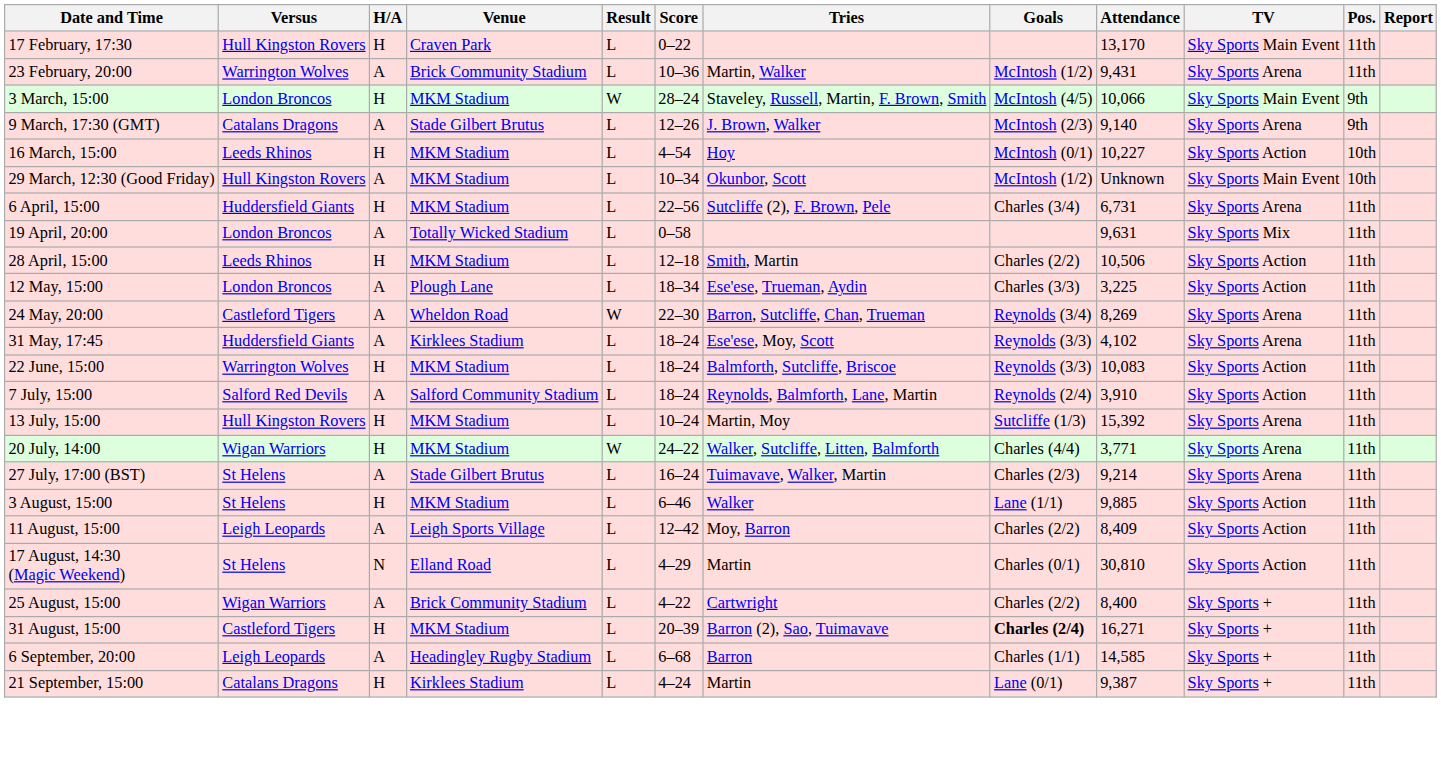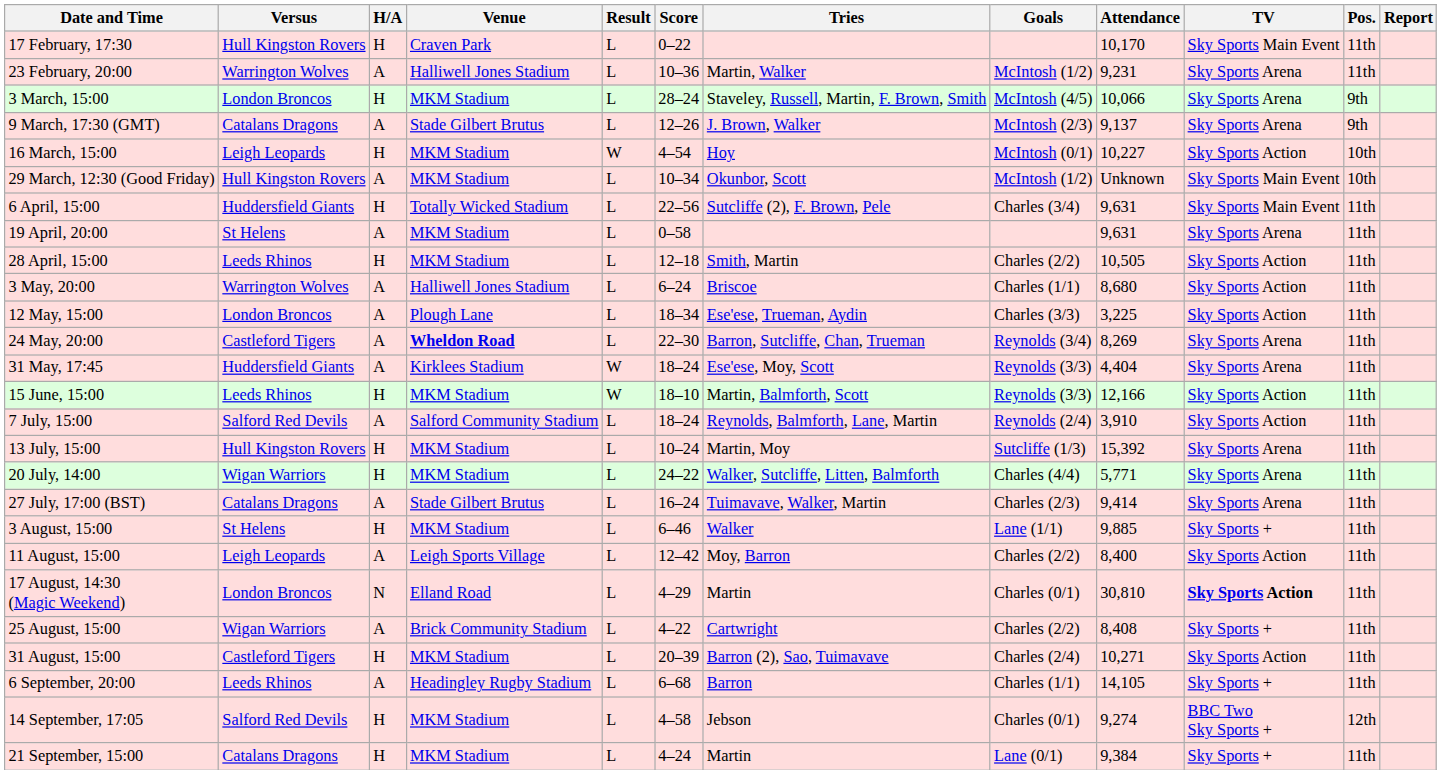 <table class="wikitable" style="font-size:85%;">
 <tr>
 <th>Date and Time</th>
 <th>Versus</th>
 <th>H/A</th>
 <th>Venue</th>
 <th>Result</th>
 <th>Score</th>
 <th>Tries</th>
 <th>Goals</th>
 <th>Attendance</th>
 <th>TV</th>
 <th>Pos.</th>
 <th>Report</th>
 </tr>
 <tr style="background:#ffdddd">
 <td>17 February, 17:30</td>
 <td> <a href='#'>Hull Kingston Rovers</a></td>
 <td>H</td>
 <td><a href='#'>Craven Park</a></td>
 <td>L</td>
 <td>0–22</td>
 <td></td>
 <td></td>
-<td>13,170</td>
+<td>10,170</td>
 <td><a href='#'>Sky Sports</a> Main Event</td>
 <td>11th</td>
 <td></td>
 </tr>
 <tr style="background:#ffdddd">
 <td>23 February, 20:00</td>
 <td> <a href='#'>Warrington Wolves</a></td>
 <td>A</td>
-<td><a href='#'>Brick Community Stadium</a></td>
+<td><a href='#'>Halliwell Jones Stadium</a></td>
 <td>L</td>
 <td>10–36</td>
 <td>Martin, <a href='#'>Walker</a></td>
 <td><a href='#'>McIntosh</a> (1/2)</td>
-<td>9,431</td>
+<td>9,231</td>
 <td><a href='#'>Sky Sports</a> Arena</td>
 <td>11th</td>
 <td></td>
 </tr>
 <tr style="background:#ddffdd">
 <td>3 March, 15:00</td>
 <td> <a href='#'>London Broncos</a></td>
 <td>H</td>
 <td><a href='#'>MKM Stadium</a></td>
-<td>W</td>
+<td>L</td>
 <td>28–24</td>
 <td>Staveley, <a href='#'>Russell</a>, Martin, <a href='#'>F. Brown</a>, <a href='#'>Smith</a></td>
 <td><a href='#'>McIntosh</a> (4/5)</td>
 <td>10,066</td>
-<td><a href='#'>Sky Sports</a> Main Event</td>
+<td><a href='#'>Sky Sports</a> Arena</td>
 <td>9th</td>
 <td></td>
 </tr>
 <tr style="background:#ffdddd">
 <td>9 March, 17:30 (GMT)</td>
 <td> <a href='#'>Catalans Dragons</a></td>
 <td>A</td>
 <td><a href='#'>Stade Gilbert Brutus</a></td>
 <td>L</td>
 <td>12–26</td>
 <td><a href='#'>J. Brown</a>, <a href='#'>Walker</a></td>
 <td><a href='#'>McIntosh</a> (2/3)</td>
-<td>9,140</td>
+<td>9,137</td>
 <td><a href='#'>Sky Sports</a> Arena</td>
 <td>9th</td>
 <td></td>
 </tr>
 <tr style="background:#ffdddd">
 <td>16 March, 15:00</td>
-<td> <a href='#'>Leeds Rhinos</a></td>
+<td> <a href='#'>Leigh Leopards</a></td>
 <td>H</td>
 <td><a href='#'>MKM Stadium</a></td>
-<td>L</td>
+<td>W</td>
 <td>4–54</td>
 <td><a href='#'>Hoy</a></td>
 <td><a href='#'>McIntosh</a> (0/1)</td>
 <td>10,227</td>
 <td><a href='#'>Sky Sports</a> Action</td>
 <td>10th</td>
 <td></td>
 </tr>
 <tr style="background:#ffdddd">
 <td>29 March, 12:30 (Good Friday)</td>
 <td> <a href='#'>Hull Kingston Rovers</a></td>
 <td>A</td>
 <td><a href='#'>MKM Stadium</a></td>
 <td>L</td>
 <td>10–34</td>
 <td><a href='#'>Okunbor</a>, <a href='#'>Scott</a></td>
 <td><a href='#'>McIntosh</a> (1/2)</td>
 <td>Unknown</td>
 <td><a href='#'>Sky Sports</a> Main Event</td>
 <td>10th</td>
 <td></td>
 </tr>
 <tr style="background:#ffdddd">
 <td>6 April, 15:00</td>
 <td> <a href='#'>Huddersfield Giants</a></td>
 <td>H</td>
-<td><a href='#'>MKM Stadium</a></td>
+<td><a href='#'>Totally Wicked Stadium</a></td>
 <td>L</td>
 <td>22–56</td>
 <td><a href='#'>Sutcliffe</a> (2), <a href='#'>F. Brown</a>, <a href='#'>Pele</a></td>
 <td>Charles (3/4)</td>
-<td>6,731</td>
-<td><a href='#'>Sky Sports</a> Arena</td>
+<td>9,631</td>
+<td><a href='#'>Sky Sports</a> Main Event</td>
 <td>11th</td>
 <td></td>
 </tr>
 <tr style="background:#ffdddd">
 <td>19 April, 20:00</td>
-<td> <a href='#'>London Broncos</a></td>
+<td> <a href='#'>St Helens</a></td>
 <td>A</td>
-<td><a href='#'>Totally Wicked Stadium</a></td>
+<td><a href='#'>MKM Stadium</a></td>
 <td>L</td>
 <td>0–58</td>
 <td></td>
 <td></td>
 <td>9,631</td>
-<td><a href='#'>Sky Sports</a> Mix</td>
+<td><a href='#'>Sky Sports</a> Arena</td>
 <td>11th</td>
 <td></td>
 </tr>
 <tr style="background:#ffdddd">
 <td>28 April, 15:00</td>
 <td> <a href='#'>Leeds Rhinos</a></td>
 <td>H</td>
 <td><a href='#'>MKM Stadium</a></td>
 <td>L</td>
 <td>12–18</td>
 <td><a href='#'>Smith</a>, Martin</td>
 <td>Charles (2/2)</td>
-<td>10,506</td>
+<td>10,505</td>
+<td><a href='#'>Sky Sports</a> Action</td>
+<td>11th</td>
+<td></td>
+</tr>
+<tr style="background:#ffdddd">
+<td>3 May, 20:00</td>
+<td> <a href='#'>Warrington Wolves</a></td>
+<td>A</td>
+<td><a href='#'>Halliwell Jones Stadium</a></td>
+<td>L</td>
+<td>6–24</td>
+<td><a href='#'>Briscoe</a></td>
+<td>Charles (1/1)</td>
+<td>8,680</td>
 <td><a href='#'>Sky Sports</a> Action</td>
 <td>11th</td>
 <td></td>
 </tr>
 <tr style="background:#ffdddd">
 <td>12 May, 15:00</td>
 <td> <a href='#'>London Broncos</a></td>
 <td>A</td>
 <td><a href='#'>Plough Lane</a></td>
 <td>L</td>
 <td>18–34</td>
 <td><a href='#'>Ese'ese</a>, <a href='#'>Trueman</a>, <a href='#'>Aydin</a></td>
 <td>Charles (3/3)</td>
 <td>3,225</td>
 <td><a href='#'>Sky Sports</a> Action</td>
 <td>11th</td>
 <td></td>
 </tr>
 <tr style="background:#ffdddd">
 <td>24 May, 20:00</td>
 <td> <a href='#'>Castleford Tigers</a></td>
 <td>A</td>
-<td><a href='#'>Wheldon Road</a></td>
-<td>W</td>
+<td><strong><a href='#'>Wheldon Road</a></strong></td>
+<td>L</td>
 <td>22–30</td>
 <td><a href='#'>Barron</a>, <a href='#'>Sutcliffe</a>, <a href='#'>Chan</a>, <a href='#'>Trueman</a></td>
 <td><a href='#'>Reynolds</a> (3/4)</td>
 <td>8,269</td>
 <td><a href='#'>Sky Sports</a> Arena</td>
 <td>11th</td>
 <td></td>
 </tr>
 <tr style="background:#ffdddd">
 <td>31 May, 17:45</td>
 <td> <a href='#'>Huddersfield Giants</a></td>
 <td>A</td>
 <td><a href='#'>Kirklees Stadium</a></td>
-<td>L</td>
+<td>W</td>
 <td>18–24</td>
 <td><a href='#'>Ese'ese</a>, Moy, <a href='#'>Scott</a></td>
 <td><a href='#'>Reynolds</a> (3/3)</td>
-<td>4,102</td>
+<td>4,404</td>
 <td><a href='#'>Sky Sports</a> Arena</td>
 <td>11th</td>
 <td></td>
 </tr>
-<tr style="background:#ffdddd">
-<td>22 June, 15:00</td>
-<td> <a href='#'>Warrington Wolves</a></td>
+<tr style="background:#ddffdd">
+<td>15 June, 15:00</td>
+<td> <a href='#'>Leeds Rhinos</a></td>
 <td>H</td>
 <td><a href='#'>MKM Stadium</a></td>
-<td>L</td>
-<td>18–24</td>
-<td><a href='#'>Balmforth</a>, <a href='#'>Sutcliffe</a>, <a href='#'>Briscoe</a></td>
+<td>W</td>
+<td>18–10</td>
+<td>Martin, <a href='#'>Balmforth</a>, <a href='#'>Scott</a></td>
 <td><a href='#'>Reynolds</a> (3/3)</td>
-<td>10,083</td>
+<td>12,166</td>
 <td><a href='#'>Sky Sports</a> Action</td>
 <td>11th</td>
 <td></td>
 </tr>
 <tr style="background:#ffdddd">
 <td>7 July, 15:00</td>
 <td> <a href='#'>Salford Red Devils</a></td>
 <td>A</td>
 <td><a href='#'>Salford Community Stadium</a></td>
 <td>L</td>
 <td>18–24</td>
 <td><a href='#'>Reynolds</a>, <a href='#'>Balmforth</a>, <a href='#'>Lane</a>, Martin</td>
 <td><a href='#'>Reynolds</a> (2/4)</td>
 <td>3,910</td>
 <td><a href='#'>Sky Sports</a> Action</td>
 <td>11th</td>
 <td></td>
 </tr>
 <tr style="background:#ffdddd">
 <td>13 July, 15:00</td>
 <td> <a href='#'>Hull Kingston Rovers</a></td>
 <td>H</td>
 <td><a href='#'>MKM Stadium</a></td>
 <td>L</td>
 <td>10–24</td>
 <td>Martin, Moy</td>
 <td><a href='#'>Sutcliffe</a> (1/3)</td>
 <td>15,392</td>
 <td><a href='#'>Sky Sports</a> Arena</td>
 <td>11th</td>
 <td></td>
 </tr>
 <tr style="background:#ddffdd">
 <td>20 July, 14:00</td>
 <td> <a href='#'>Wigan Warriors</a></td>
 <td>H</td>
 <td><a href='#'>MKM Stadium</a></td>
-<td>W</td>
+<td>L</td>
 <td>24–22</td>
 <td><a href='#'>Walker</a>, <a href='#'>Sutcliffe</a>, <a href='#'>Litten</a>, <a href='#'>Balmforth</a></td>
 <td>Charles (4/4)</td>
-<td>3,771</td>
+<td>5,771</td>
 <td><a href='#'>Sky Sports</a> Arena</td>
 <td>11th</td>
 <td></td>
 </tr>
 <tr style="background:#ffdddd">
 <td>27 July, 17:00 (BST)</td>
-<td> <a href='#'>St Helens</a></td>
+<td> <a href='#'>Catalans Dragons</a></td>
 <td>A</td>
 <td><a href='#'>Stade Gilbert Brutus</a></td>
 <td>L</td>
 <td>16–24</td>
 <td><a href='#'>Tuimavave</a>, <a href='#'>Walker</a>, Martin</td>
 <td>Charles (2/3)</td>
-<td>9,214</td>
+<td>9,414</td>
 <td><a href='#'>Sky Sports</a> Arena</td>
 <td>11th</td>
 <td></td>
 </tr>
 <tr style="background:#ffdddd">
 <td>3 August, 15:00</td>
 <td> <a href='#'>St Helens</a></td>
 <td>H</td>
 <td><a href='#'>MKM Stadium</a></td>
 <td>L</td>
 <td>6–46</td>
 <td><a href='#'>Walker</a></td>
 <td><a href='#'>Lane</a> (1/1)</td>
 <td>9,885</td>
-<td><a href='#'>Sky Sports</a> Action</td>
+<td><a href='#'>Sky Sports</a> +</td>
 <td>11th</td>
 <td></td>
 </tr>
 <tr style="background:#ffdddd">
 <td>11 August, 15:00</td>
 <td> <a href='#'>Leigh Leopards</a></td>
 <td>A</td>
 <td><a href='#'>Leigh Sports Village</a></td>
 <td>L</td>
 <td>12–42</td>
 <td>Moy, <a href='#'>Barron</a></td>
 <td>Charles (2/2)</td>
-<td>8,409</td>
+<td>8,400</td>
 <td><a href='#'>Sky Sports</a> Action</td>
 <td>11th</td>
 <td></td>
 </tr>
 <tr style="background:#ffdddd">
 <td>17 August, 14:30<br>(<a href='#'>Magic Weekend</a>)</td>
-<td> <a href='#'>St Helens</a></td>
+<td> <a href='#'>London Broncos</a></td>
 <td>N</td>
 <td><a href='#'>Elland Road</a></td>
 <td>L</td>
 <td>4–29</td>
 <td>Martin</td>
 <td>Charles (0/1)</td>
 <td>30,810</td>
-<td><a href='#'>Sky Sports</a> Action</td>
+<td><strong><a href='#'>Sky Sports</a> Action</strong></td>
 <td>11th</td>
 <td></td>
 </tr>
 <tr style="background:#ffdddd">
 <td>25 August, 15:00</td>
 <td> <a href='#'>Wigan Warriors</a></td>
 <td>A</td>
 <td><a href='#'>Brick Community Stadium</a></td>
 <td>L</td>
 <td>4–22</td>
 <td><a href='#'>Cartwright</a></td>
 <td>Charles (2/2)</td>
-<td>8,400</td>
+<td>8,408</td>
 <td><a href='#'>Sky Sports</a> +</td>
 <td>11th</td>
 <td></td>
 </tr>
 <tr style="background:#ffdddd">
 <td>31 August, 15:00</td>
 <td> <a href='#'>Castleford Tigers</a></td>
 <td>H</td>
 <td><a href='#'>MKM Stadium</a></td>
 <td>L</td>
 <td>20–39</td>
 <td><a href='#'>Barron</a> (2), <a href='#'>Sao</a>, <a href='#'>Tuimavave</a></td>
-<td><strong>Charles (2/4)</strong></td>
-<td>16,271</td>
-<td><a href='#'>Sky Sports</a> +</td>
+<td>Charles (2/4)</td>
+<td>10,271</td>
+<td><a href='#'>Sky Sports</a> Action</td>
 <td>11th</td>
 <td></td>
 </tr>
 <tr style="background:#ffdddd">
 <td>6 September, 20:00</td>
-<td> <a href='#'>Leigh Leopards</a></td>
+<td> <a href='#'>Leeds Rhinos</a></td>
 <td>A</td>
 <td><a href='#'>Headingley Rugby Stadium</a></td>
 <td>L</td>
 <td>6–68</td>
 <td><a href='#'>Barron</a></td>
 <td>Charles (1/1)</td>
-<td>14,585</td>
+<td>14,105</td>
 <td><a href='#'>Sky Sports</a> +</td>
 <td>11th</td>
+<td></td>
+</tr>
+<tr style="background:#ffdddd">
+<td>14 September, 17:05</td>
+<td> <a href='#'>Salford Red Devils</a></td>
+<td>H</td>
+<td><a href='#'>MKM Stadium</a></td>
+<td>L</td>
+<td>4–58</td>
+<td>Jebson</td>
+<td>Charles (0/1)</td>
+<td>9,274</td>
+<td><a href='#'>BBC Two</a><br><a href='#'>Sky Sports</a> +</td>
+<td>12th</td>
 <td></td>
 </tr>
 <tr style="background:#ffdddd">
 <td>21 September, 15:00</td>
 <td> <a href='#'>Catalans Dragons</a></td>
 <td>H</td>
-<td><a href='#'>Kirklees Stadium</a></td>
+<td><a href='#'>MKM Stadium</a></td>
 <td>L</td>
 <td>4–24</td>
 <td>Martin</td>
 <td><a href='#'>Lane</a> (0/1)</td>
-<td>9,387</td>
+<td>9,384</td>
 <td><a href='#'>Sky Sports</a> +</td>
 <td>11th</td>
 <td></td>
 </tr>
 </table>
